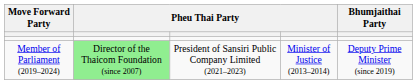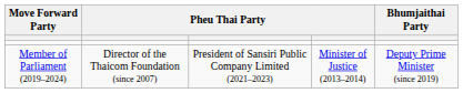 <table class="wikitable" style="font-size:90%; text-align:center;">
 <tr>
 <td style="background:#f1f1f1;"><strong>Move Forward Party</strong></td>
 <td colspan="3" style="background:#f1f1f1;"><strong>Pheu Thai Party</strong></td>
 <td style="background:#f1f1f1;"><strong>Bhumjaithai Party</strong></td>
 </tr>
 <tr>
 <th style="background:"><a href='#'></a></th>
 <th style="background:"><a href='#'></a></th>
 <th style="background:"><a href='#'></a></th>
 <th style="background:"><a href='#'></a></th>
 <th style="background:"><a href='#'></a></th>
 </tr>
 <tr>
 <td></td>
 <td></td>
 <td></td>
 <td></td>
 <td></td>
 </tr>
 <tr>
 <td><a href='#'>Member of Parliament</a> <br><small>(2019–2024)</small></td>
-<td style="background: lightgreen;">Director of the Thaicom Foundation<br><small>(since 2007)</small></td>
+<td>Director of the Thaicom Foundation<br><small>(since 2007)</small></td>
 <td>President of Sansiri Public Company Limited <br><small>(2021–2023) </small></td>
 <td><a href='#'>Minister of Justice</a> <br><small>(2013–2014)</small></td>
 <td><a href='#'>Deputy Prime Minister</a><br><small>(since 2019)</small></td>
 </tr>
 </table>
